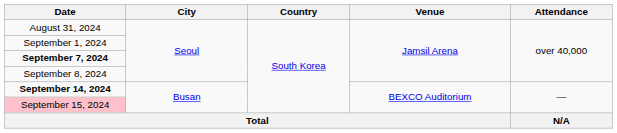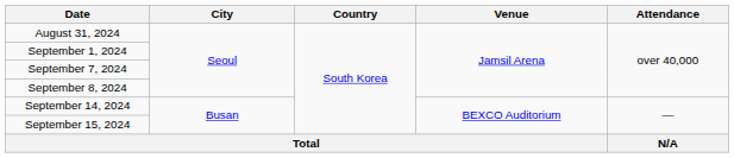 <table class="wikitable plainrowheaders" style="text-align:center;">
 <tr>
 <th scope="col" style="width:12em;">Date</th>
 <th scope="col" style="width:12em;">City</th>
 <th scope="col" style="width:10em;">Country</th>
 <th scope="col" style="width:16em;">Venue</th>
 <th scope="col" style="width:10em;">Attendance</th>
 </tr>
 <tr>
 <td>August 31, 2024</td>
 <td rowspan="4"><a href='#'>Seoul</a></td>
 <td rowspan="6"><a href='#'>South Korea</a></td>
 <td rowspan="4"><a href='#'>Jamsil Arena</a></td>
 <td rowspan="4">over 40,000</td>
 </tr>
 <tr>
 <td>September 1, 2024</td>
 </tr>
 <tr>
-<td><strong>September 7, 2024</strong></td>
+<td>September 7, 2024</td>
 </tr>
 <tr>
 <td>September 8, 2024</td>
 </tr>
 <tr>
-<td><strong>September 14, 2024</strong></td>
+<td>September 14, 2024</td>
 <td rowspan="2"><a href='#'>Busan</a></td>
 <td rowspan="2"><a href='#'>BEXCO Auditorium</a></td>
 <td rowspan="2">—</td>
 </tr>
 <tr>
-<td style="background: pink;">September 15, 2024</td>
+<td>September 15, 2024</td>
 </tr>
 <tr>
 <th colspan="4">Total</th>
 <th>N/A</th>
 </tr>
 </table>
